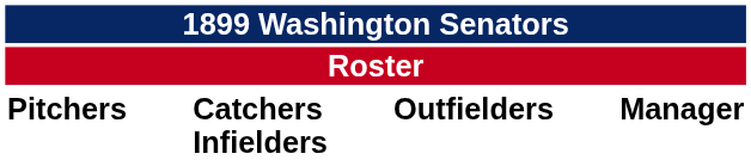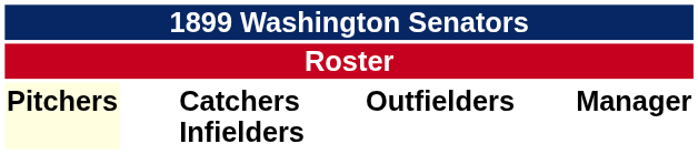 <table class="toccolours" style="font-size: 95%;">
 <tr>
 <th colspan="10" style="background-color: #072764; color: white; text-align: center;">1899 Washington Senators</th>
 </tr>
 <tr>
 <td colspan="10" style="background-color: #c6011f; color: white; text-align: center;"><strong>Roster</strong></td>
 </tr>
 <tr>
-<td valign="top"><strong>Pitchers</strong><br>            </td>
+<td valign="top" style="background: lightyellow;"><strong>Pitchers</strong><br>            </td>
 <td width="25px"></td>
 <td valign="top"><strong>Catchers</strong><br>         <strong>Infielders</strong>             </td>
 <td width="25px"></td>
 <td valign="top"><strong>Outfielders</strong><br>     </td>
 <td width="25px"></td>
 <td valign="top"><strong>Manager</strong><br></td>
 </tr>
 <tr>
 </tr>
 </table>
